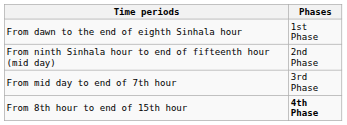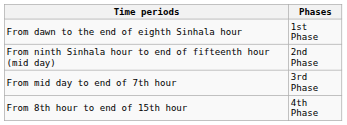 <table class="wikitable">
 <tr>
 <th width="400">Time periods</th>
 <th width="70">Phases</th>
 </tr>
 <tr>
 <td>From dawn to the end of eighth Sinhala hour</td>
 <td>1st Phase</td>
 </tr>
 <tr>
 <td>From ninth Sinhala hour to end of fifteenth hour (mid day)</td>
 <td>2nd Phase</td>
 </tr>
 <tr>
 <td>From mid day to end of 7th hour</td>
 <td>3rd Phase</td>
 </tr>
 <tr>
 <td>From 8th hour to end of 15th hour</td>
-<td><strong>4th Phase</strong></td>
+<td>4th Phase</td>
 </tr>
 </table>
